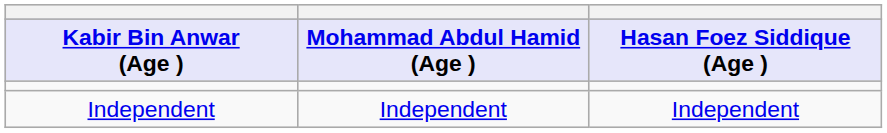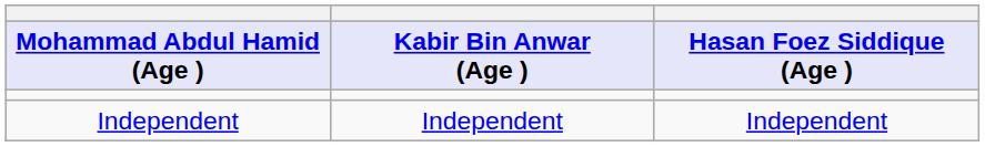 <table class=wikitable style="margin:1em auto; font-size:90%; text-align:center;">
 <tr>
 <th style="font-size:135%; width:175px; background:"><a href='#'></a></th>
 <th style="font-size:135%; width:175px; background:"><a href='#'></a></th>
 <th style="font-size:135%; width:175px; background:"><a href='#'></a></th>
 </tr>
 <tr>
+<th style="background:lavender;"><strong><a href='#'>Mohammad Abdul Hamid</a></strong><br>(Age )</th>
 <th style="background:lavender;"><strong><a href='#'>Kabir Bin Anwar</a></strong><br>(Age )</th>
-<th style="background:lavender;"><strong><a href='#'>Mohammad Abdul Hamid</a></strong><br>(Age )</th>
 <th style="background:lavender;"><strong><a href='#'>Hasan Foez Siddique</a></strong><br>(Age )</th>
 </tr>
 <tr>
 <td></td>
 <td></td>
 <td></td>
 </tr>
 <tr>
 <td><a href='#'>Independent</a><br></td>
 <td><a href='#'>Independent</a><br></td>
 <td><a href='#'>Independent</a><br></td>
 </tr>
 </table>
